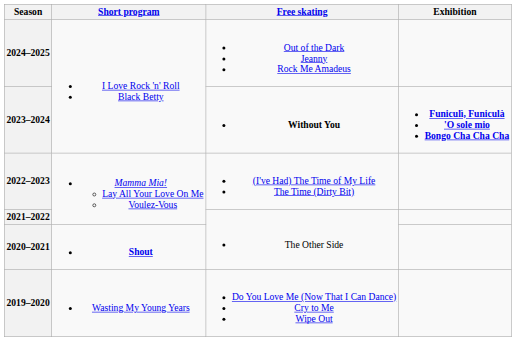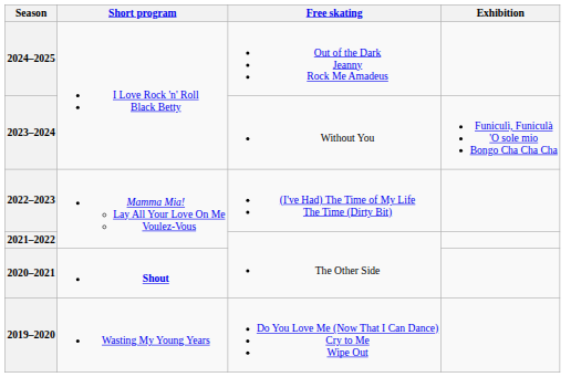 <table class=wikitable style=text-align:center>
 <tr>
 <th>Season</th>
 <th><a href='#'>Short program</a></th>
 <th><a href='#'>Free skating</a></th>
 <th>Exhibition</th>
 </tr>
 <tr>
 <th>2024–2025 <br> </th>
 <td rowspan=2><br><ul><li><a href='#'>I Love Rock 'n' Roll</a> <br> </li><li><a href='#'>Black Betty</a> <br> </li></ul></td>
 <td><br><ul><li><a href='#'>Out of the Dark</a></li><li><a href='#'>Jeanny</a></li><li><a href='#'>Rock Me Amadeus</a> <br> </li></ul></td>
 <td></td>
 </tr>
 <tr>
 <th>2023–2024 <br> </th>
-<td><strong><br><ul><li>Without You <br> </li></ul></strong></td>
-<td><strong><br><ul><li><a href='#'>Funiculì, Funiculà</a> <br></li><li><a href='#'>'O sole mio</a> <br></li><li><a href='#'>Bongo Cha Cha Cha</a> <br></li></ul></strong></td>
+<td><br><ul><li>Without You <br> </li></ul></td>
+<td><br><ul><li><a href='#'>Funiculì, Funiculà</a> <br></li><li><a href='#'>'O sole mio</a> <br></li><li><a href='#'>Bongo Cha Cha Cha</a> <br></li></ul></td>
 </tr>
 <tr>
 <th>2022–2023 <br> </th>
 <td rowspan=2><br><ul><li><em><a href='#'>Mamma Mia!</a></em><ul><li><a href='#'>Lay All Your Love On Me</a> <br></li><li><a href='#'>Voulez-Vous</a> <br> </li></ul></li></ul></td>
 <td><br><ul><li><a href='#'>(I've Had) The Time of My Life</a> <br></li><li><a href='#'>The Time (Dirty Bit)</a> <br></li></ul></td>
 </tr>
 <tr>
 <th>2021–2022 <br> </th>
 <td rowspan=2><br><ul><li>The Other Side <br> </li></ul></td>
 <td></td>
 </tr>
 <tr>
 <th>2020–2021 <br> </th>
 <td><strong><br><ul><li><a href='#'>Shout</a> <br> </li></ul></strong></td>
 <td></td>
 </tr>
 <tr>
 <th>2019–2020 <br> </th>
 <td><br><ul><li><a href='#'>Wasting My Young Years</a> <br> </li></ul></td>
 <td><br><ul><li><a href='#'>Do You Love Me (Now That I Can Dance)</a> <br> </li><li><a href='#'>Cry to Me</a> <br> </li><li><a href='#'>Wipe Out</a> <br> </li></ul></td>
 <td></td>
 </tr>
 </table>
